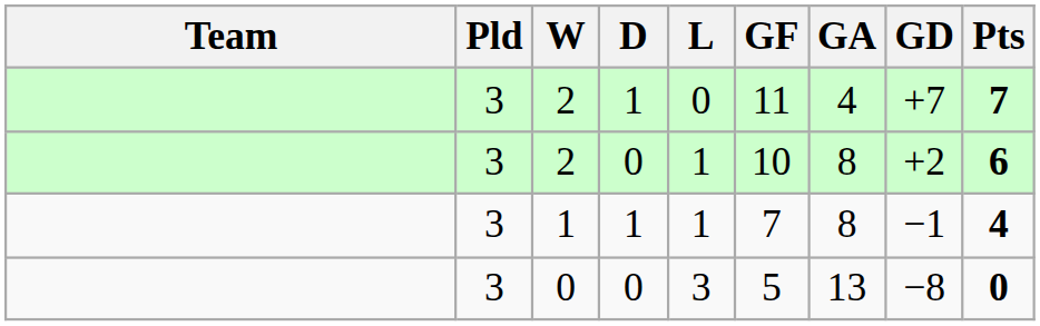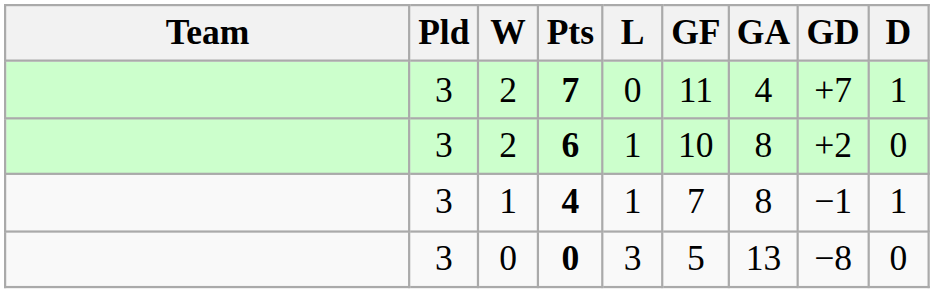 <table class="wikitable" style="text-align: center;">
 <tr>
 <th width="175">Team</th>
 <th width="20">Pld</th>
 <th width="20">W</th>
-<th width="20">D</th>
+<th width="20">Pts</th>
 <th width="20">L</th>
 <th width="20">GF</th>
 <th width="20">GA</th>
 <th width="20">GD</th>
-<th width="20">Pts</th>
+<th width="20">D</th>
 </tr>
 <tr bgcolor="#ccffcc">
 <td align="left"></td>
 <td>3</td>
 <td>2</td>
-<td>1</td>
+<td><strong>7</strong></td>
 <td>0</td>
 <td>11</td>
 <td>4</td>
 <td>+7</td>
-<td><strong>7</strong></td>
+<td>1</td>
 </tr>
 <tr bgcolor="#ccffcc">
 <td align="left"></td>
 <td>3</td>
 <td>2</td>
-<td>0</td>
+<td><strong>6</strong></td>
 <td>1</td>
 <td>10</td>
 <td>8</td>
 <td>+2</td>
-<td><strong>6</strong></td>
+<td>0</td>
 </tr>
 <tr>
 <td align="left"></td>
 <td>3</td>
 <td>1</td>
-<td>1</td>
+<td><strong>4</strong></td>
 <td>1</td>
 <td>7</td>
 <td>8</td>
 <td>−1</td>
-<td><strong>4</strong></td>
+<td>1</td>
 </tr>
 <tr>
 <td align="left"></td>
 <td>3</td>
 <td>0</td>
-<td>0</td>
+<td><strong>0</strong></td>
 <td>3</td>
 <td>5</td>
 <td>13</td>
 <td>−8</td>
-<td><strong>0</strong></td>
+<td>0</td>
 </tr>
 </table>
